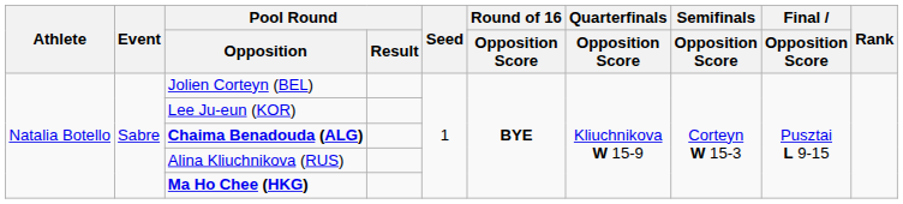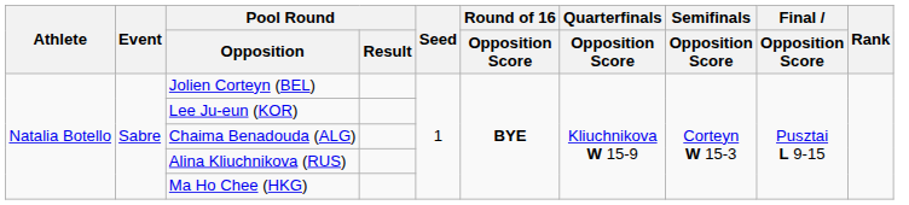 <table class="wikitable">
 <tr>
 <th rowspan="2">Athlete</th>
 <th rowspan="2">Event</th>
 <th colspan="2">Pool Round</th>
 <th rowspan="2">Seed</th>
 <th>Round of 16</th>
 <th>Quarterfinals</th>
 <th>Semifinals</th>
 <th>Final / </th>
 <th rowspan="2">Rank</th>
 </tr>
 <tr>
 <th>Opposition</th>
 <th>Result</th>
 <th>Opposition<br>Score</th>
 <th>Opposition<br>Score</th>
 <th>Opposition<br>Score</th>
 <th>Opposition<br>Score</th>
 </tr>
 <tr align="center">
 <td rowspan="5" align="left"><a href='#'>Natalia Botello</a></td>
 <td rowspan="5" align="left"><a href='#'>Sabre</a></td>
 <td align="left"> <a href='#'>Jolien Corteyn</a> (<a href='#'>BEL</a>)</td>
 <td></td>
 <td rowspan="5">1</td>
 <td rowspan="5"><strong>BYE</strong></td>
 <td rowspan="5"><br><a href='#'>Kliuchnikova</a><br><strong>W</strong> 15-9</td>
 <td rowspan="5"><br><a href='#'>Corteyn</a><br><strong>W</strong> 15-3</td>
 <td rowspan="5"><br><a href='#'>Pusztai</a><br><strong>L</strong> 9-15</td>
 <td rowspan="5"></td>
 </tr>
 <tr>
 <td> <a href='#'>Lee Ju-eun</a> (<a href='#'>KOR</a>)</td>
 <td></td>
 </tr>
 <tr>
-<td><strong> <a href='#'>Chaima Benadouda</a> (<a href='#'>ALG</a>)</strong></td>
+<td> <a href='#'>Chaima Benadouda</a> (<a href='#'>ALG</a>)</td>
 <td></td>
 </tr>
 <tr>
 <td> <a href='#'>Alina Kliuchnikova</a> (<a href='#'>RUS</a>)</td>
 <td></td>
 </tr>
 <tr>
-<td><strong> <a href='#'>Ma Ho Chee</a> (<a href='#'>HKG</a>)</strong></td>
+<td> <a href='#'>Ma Ho Chee</a> (<a href='#'>HKG</a>)</td>
 <td></td>
 </tr>
 </table>
